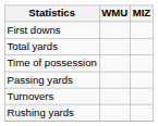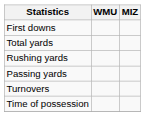 <table class="wikitable" style="float: left;">
 <tr>
 <th>Statistics</th>
 <th>WMU</th>
 <th>MIZ</th>
 </tr>
 <tr>
 <td>First downs</td>
 <td></td>
 <td></td>
 </tr>
 <tr>
 <td>Total yards</td>
 <td></td>
 <td></td>
 </tr>
 <tr>
-<td>Time of possession</td>
+<td>Rushing yards</td>
 <td></td>
 <td></td>
 </tr>
 <tr>
 <td>Passing yards</td>
 <td></td>
 <td></td>
 </tr>
 <tr>
 <td>Turnovers</td>
 <td></td>
 <td></td>
 </tr>
 <tr>
-<td>Rushing yards</td>
+<td>Time of possession</td>
 <td></td>
 <td></td>
 </tr>
 <tr>
 </tr>
 </table>
